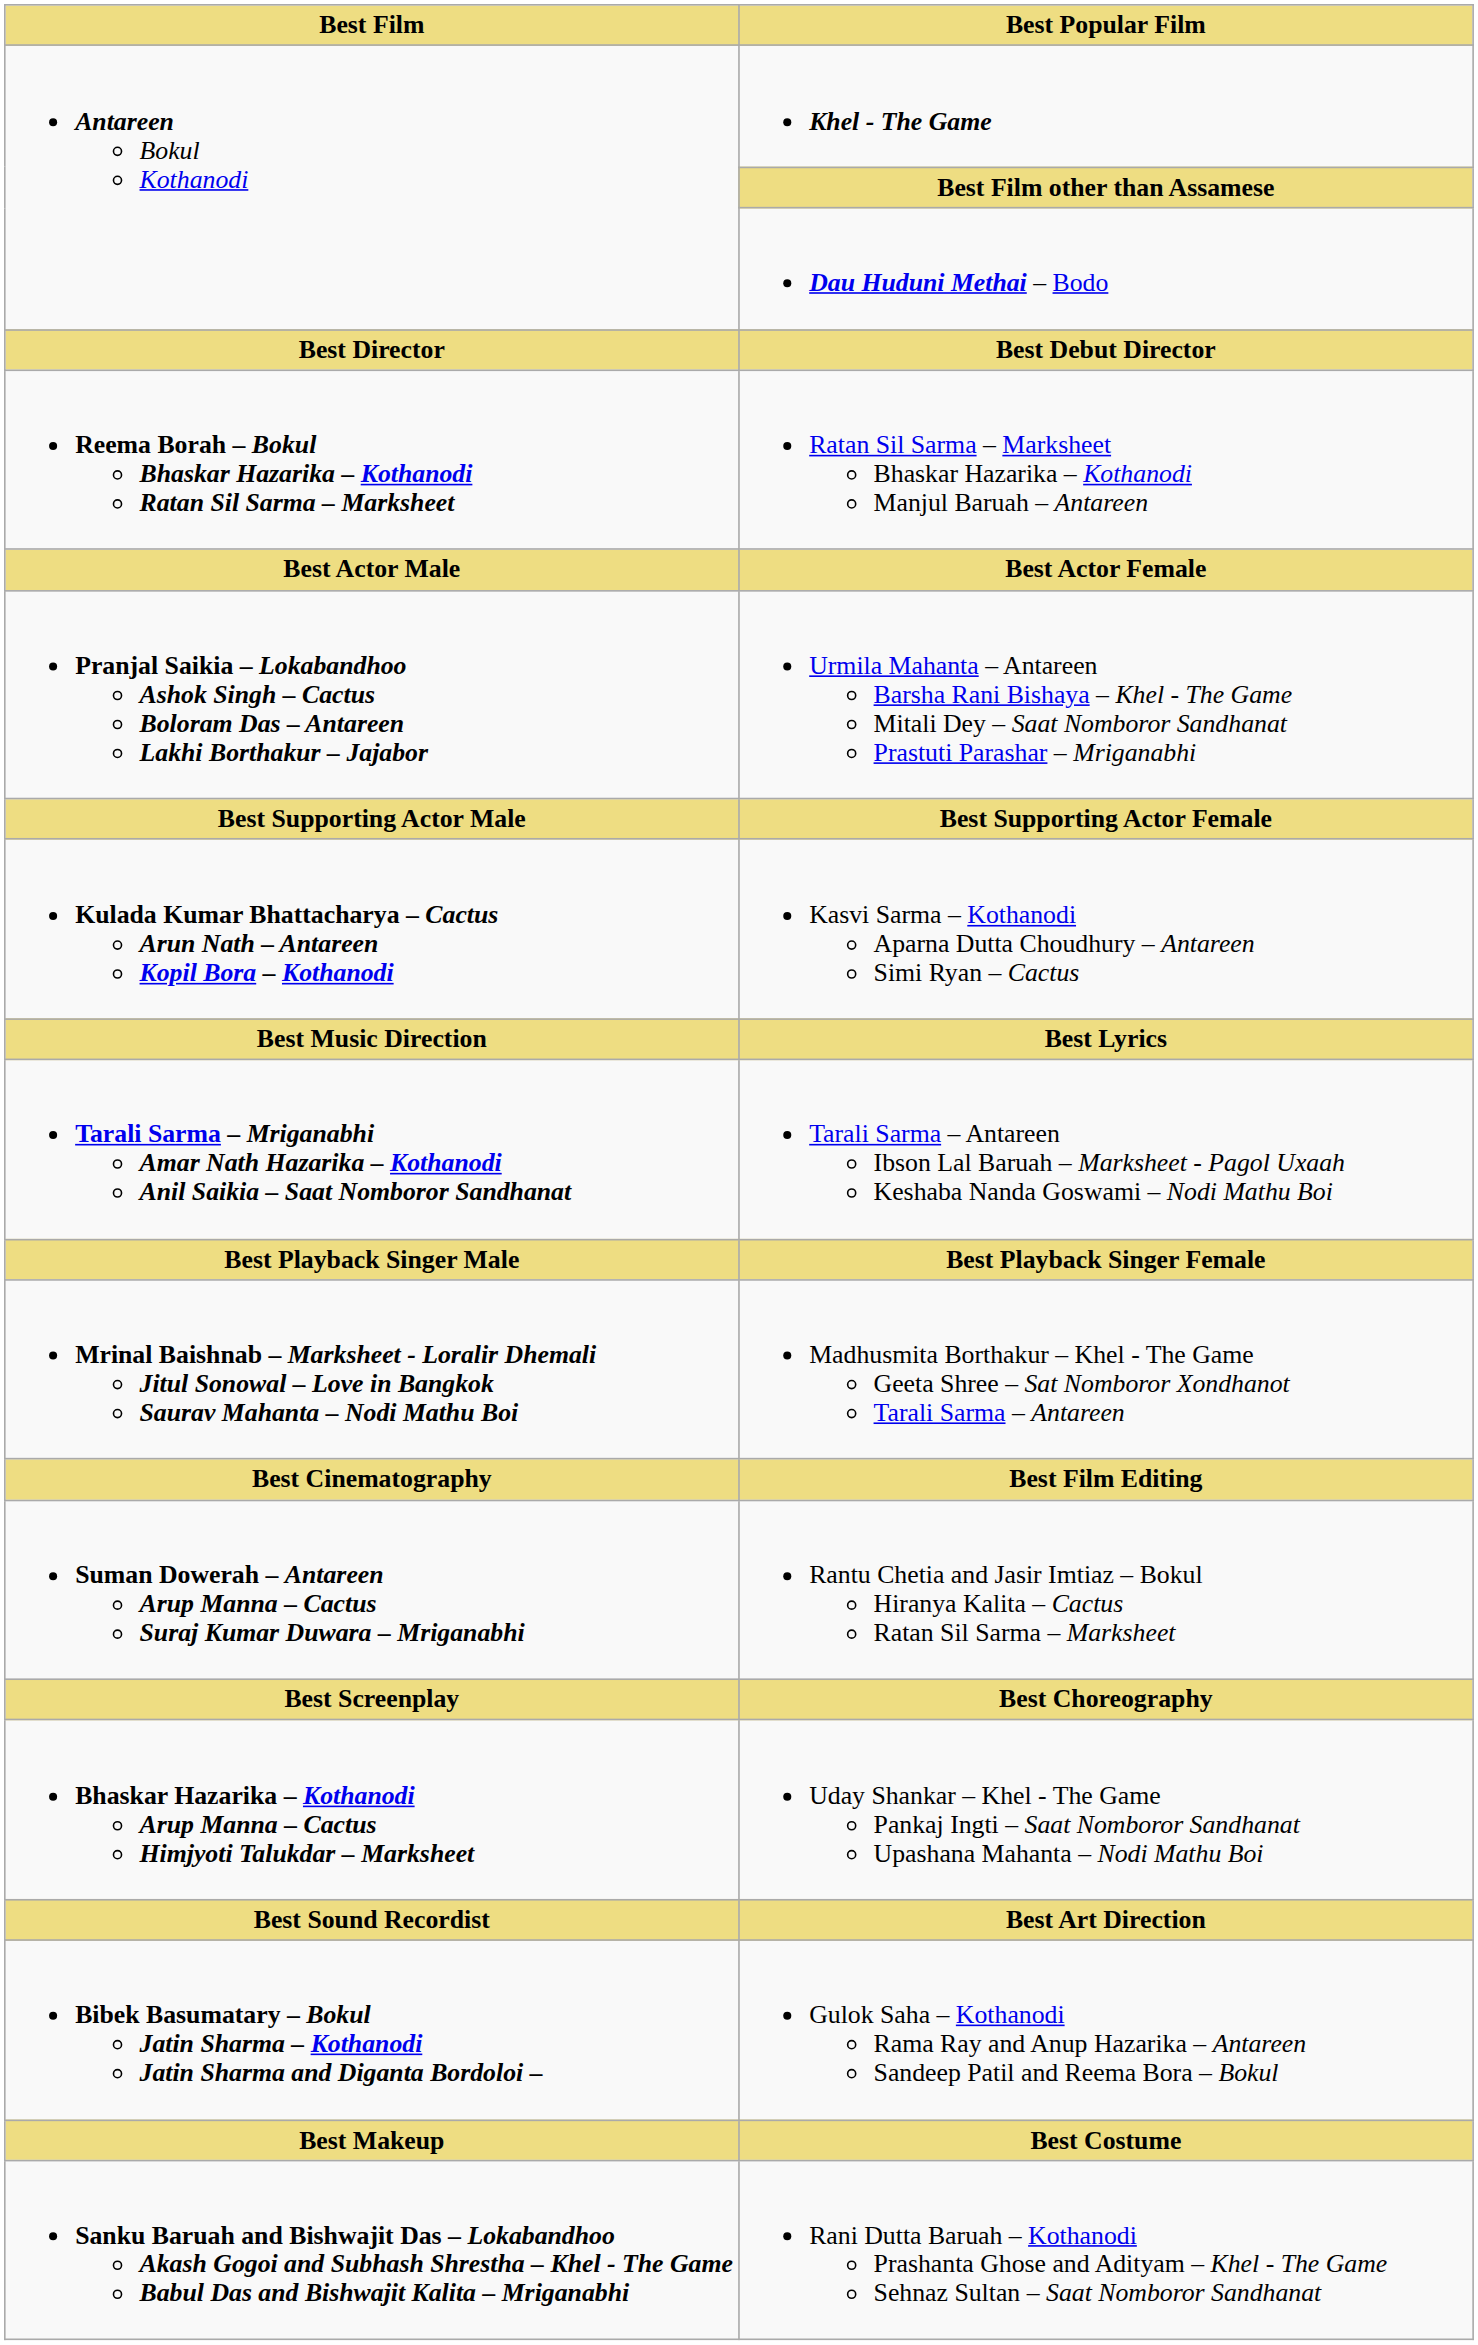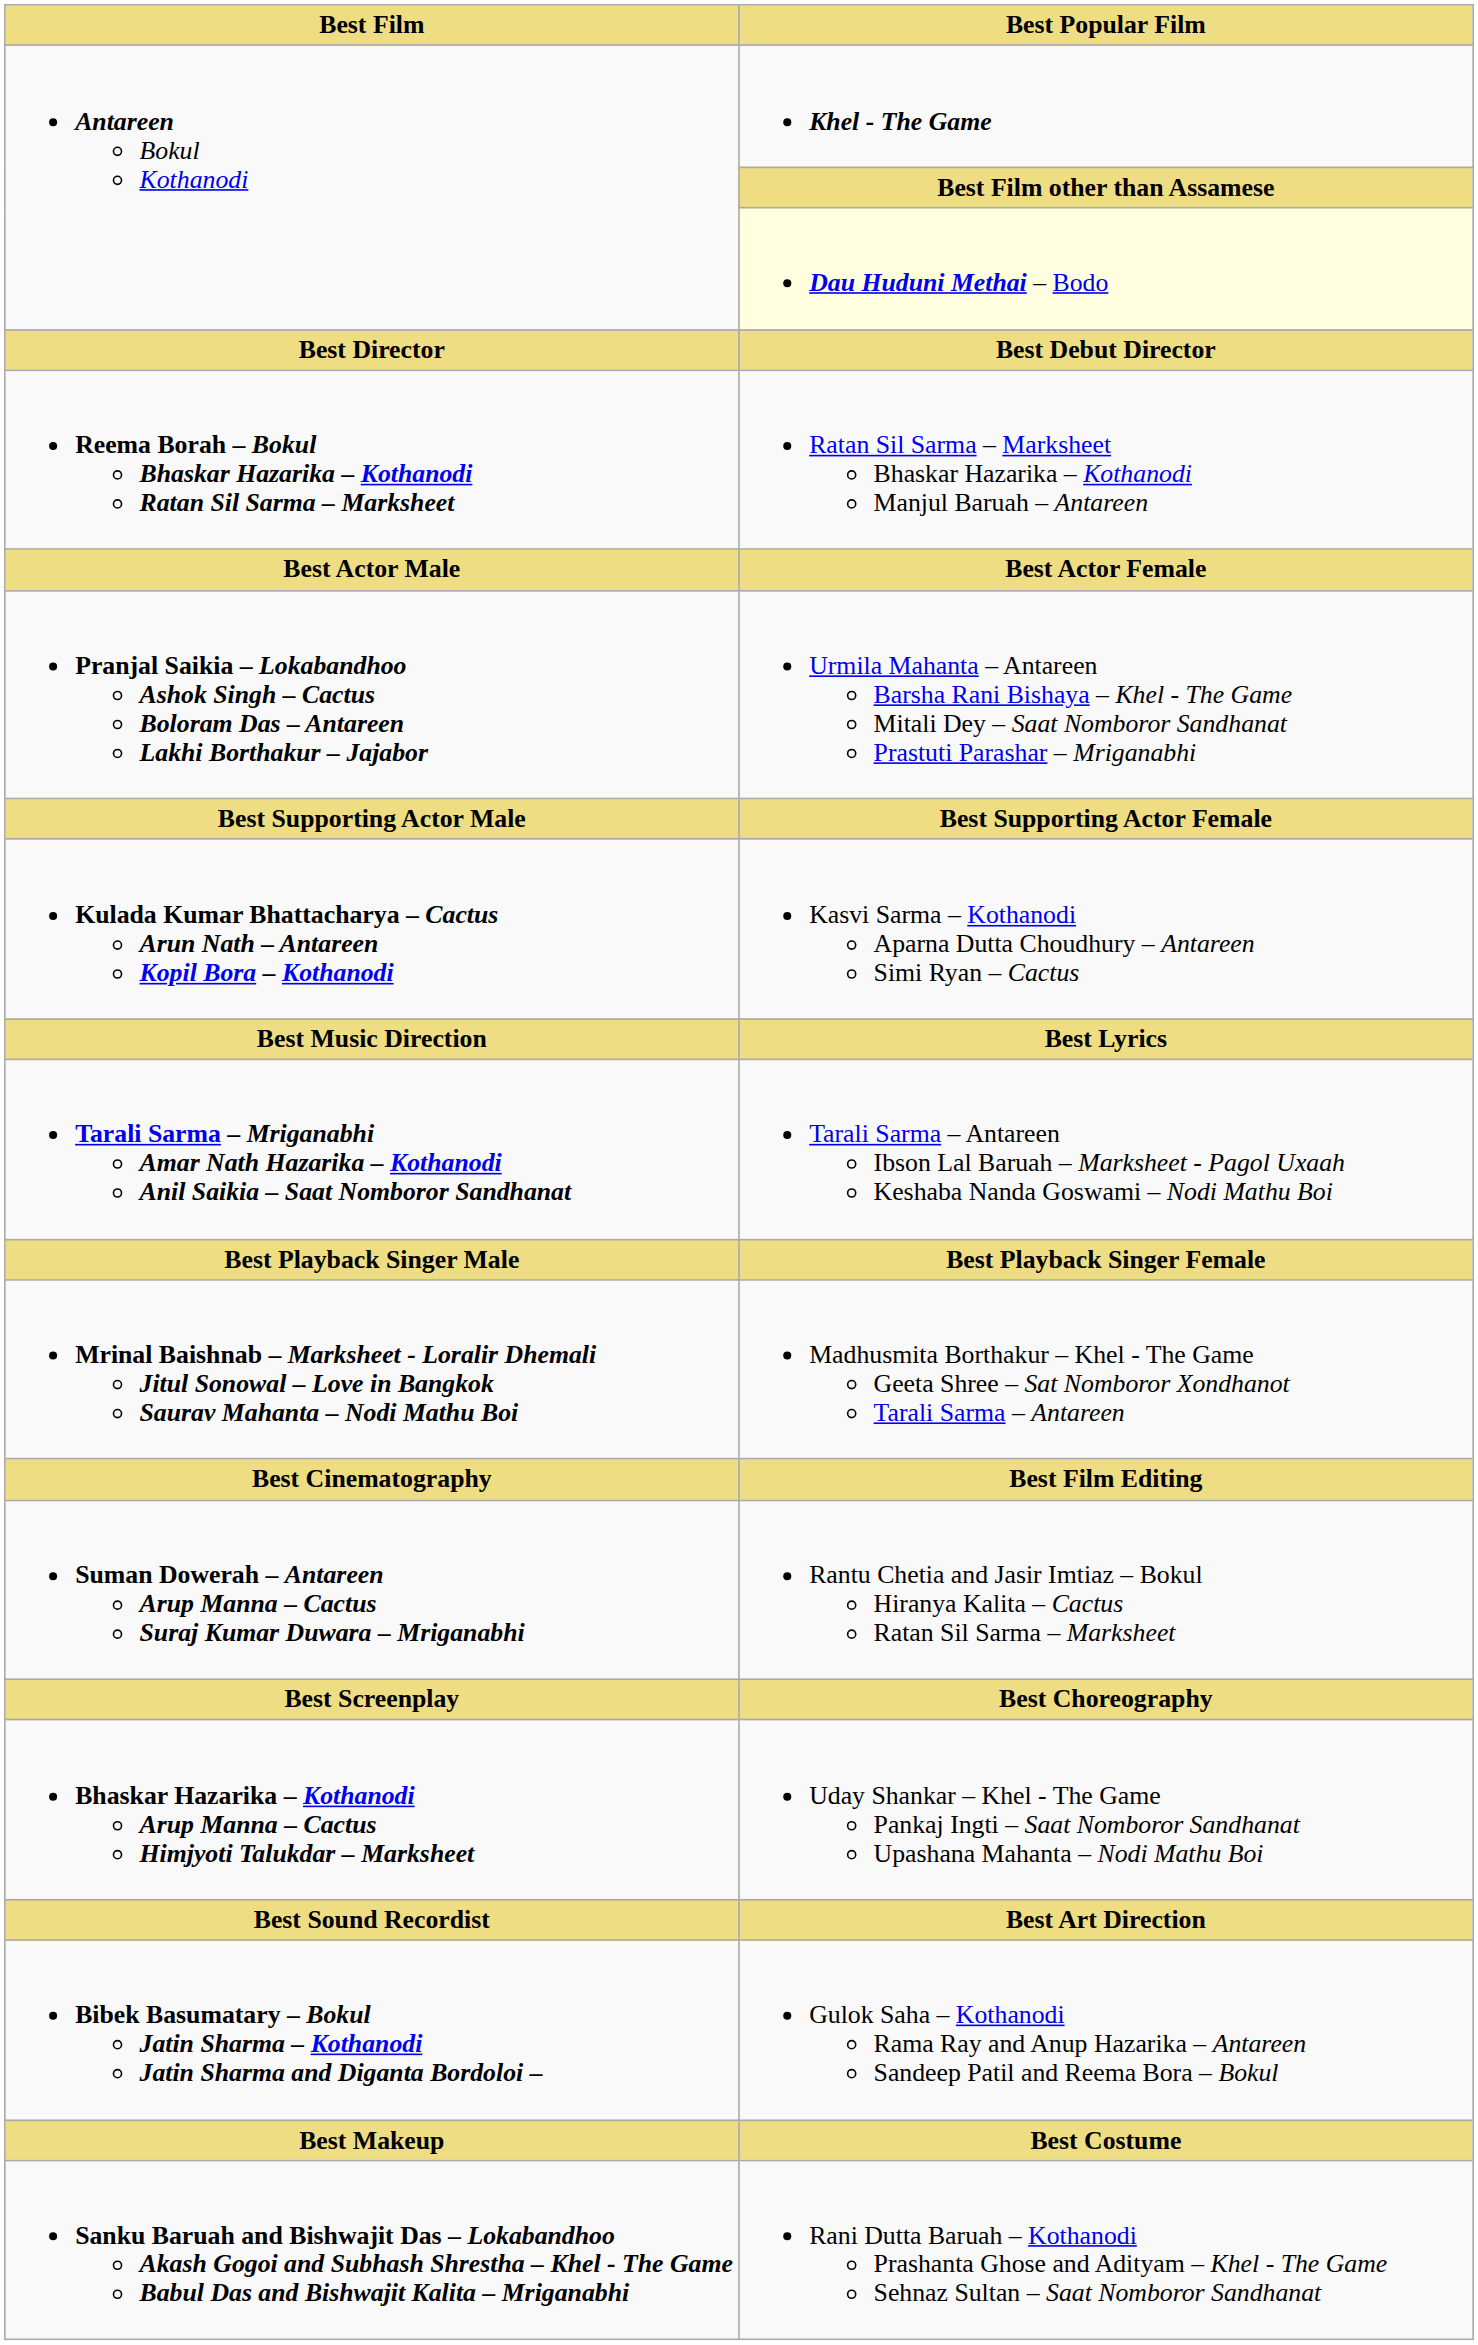 <table class=wikitable>
 <tr>
 <th style="background:#EEDD82; width:50%">Best Film</th>
 <th style="background:#EEDD82; width:50%">Best Popular Film</th>
 </tr>
 <tr>
 <td rowspan=3 valign="top"><br><ul><li><strong><em>Antareen</em></strong><ul><li><em>Bokul</em></li><li><em><a href='#'>Kothanodi</a></em></li></ul></li></ul></td>
 <td valign="top"><br><ul><li><strong><em>Khel - The Game</em></strong></li></ul></td>
 </tr>
 <tr>
 <th style="background:#EEDD82; width:50%">Best Film other than Assamese</th>
 </tr>
 <tr>
-<td valign="top"><br><ul><li><strong><em><a href='#'>Dau Huduni Methai</a></em></strong> – <a href='#'>Bodo</a></li></ul></td>
+<td valign="top" style="background: lightyellow;"><br><ul><li><strong><em><a href='#'>Dau Huduni Methai</a></em></strong> – <a href='#'>Bodo</a></li></ul></td>
 </tr>
 <tr>
 <th style="background:#EEDD82">Best Director</th>
 <th style="background:#EEDD82">Best Debut Director</th>
 </tr>
 <tr>
 <td valign="top"><br><ul><li><strong>Reema Borah – <em>Bokul<strong><em><ul><li>Bhaskar Hazarika – </em><a href='#'>Kothanodi</a><em></li><li>Ratan Sil Sarma – </em>Marksheet<em></li></ul></li></ul></td>
 <td valign="top"><br><ul><li></strong><a href='#'>Ratan Sil Sarma</a> – </em><a href='#'>Marksheet</a></em></strong><ul><li>Bhaskar Hazarika – <em><a href='#'>Kothanodi</a></em></li><li>Manjul Baruah – <em>Antareen</em></li></ul></li></ul></td>
 </tr>
 <tr>
 <th style="background:#EEDD82">Best Actor Male</th>
 <th style="background:#EEDD82">Best Actor Female</th>
 </tr>
 <tr>
 <td valign="top"><br><ul><li><strong>Pranjal Saikia – <em>Lokabandhoo<strong><em><ul><li>Ashok Singh – </em>Cactus<em></li><li>Boloram Das – </em>Antareen<em></li><li>Lakhi Borthakur – </em>Jajabor<em></li></ul></li></ul></td>
 <td valign="top"><br><ul><li></strong><a href='#'>Urmila Mahanta</a> – </em>Antareen</em></strong><ul><li><a href='#'>Barsha Rani Bishaya</a> – <em>Khel - The Game</em></li><li>Mitali Dey – <em>Saat Nomboror Sandhanat</em></li><li><a href='#'>Prastuti Parashar</a> – <em>Mriganabhi</em></li></ul></li></ul></td>
 </tr>
 <tr>
 <th style="background:#EEDD82">Best Supporting Actor Male</th>
 <th style="background:#EEDD82">Best Supporting Actor Female</th>
 </tr>
 <tr>
 <td valign="top"><br><ul><li><strong>Kulada Kumar Bhattacharya – <em>Cactus<strong><em><ul><li>Arun Nath – </em>Antareen<em></li><li><a href='#'>Kopil Bora</a> – </em><a href='#'>Kothanodi</a><em></li></ul></li></ul></td>
 <td valign="top"><br><ul><li></strong>Kasvi Sarma – </em><a href='#'>Kothanodi</a></em></strong><ul><li>Aparna Dutta Choudhury – <em>Antareen</em></li><li>Simi Ryan – <em>Cactus</em></li></ul></li></ul></td>
 </tr>
 <tr>
 <th style="background:#EEDD82">Best Music Direction</th>
 <th style="background:#EEDD82">Best Lyrics</th>
 </tr>
 <tr>
 <td valign="top"><br><ul><li><strong><a href='#'>Tarali Sarma</a> – <em>Mriganabhi<strong><em><ul><li>Amar Nath Hazarika – </em><a href='#'>Kothanodi</a><em></li><li>Anil Saikia – </em>Saat Nomboror Sandhanat<em></li></ul></li></ul></td>
 <td valign="top"><br><ul><li></strong><a href='#'>Tarali Sarma</a> – </em>Antareen</em></strong><ul><li>Ibson Lal Baruah – <em>Marksheet - Pagol Uxaah</em></li><li>Keshaba Nanda Goswami – <em>Nodi Mathu Boi</em></li></ul></li></ul></td>
 </tr>
 <tr>
 <th style="background:#EEDD82">Best Playback Singer Male</th>
 <th style="background:#EEDD82">Best Playback Singer Female</th>
 </tr>
 <tr>
 <td valign="top"><br><ul><li><strong>Mrinal Baishnab – <em>Marksheet - Loralir Dhemali<strong><em><ul><li>Jitul Sonowal – </em>Love in Bangkok<em></li><li>Saurav Mahanta – </em>Nodi Mathu Boi<em></li></ul></li></ul></td>
 <td valign="top"><br><ul><li></strong>Madhusmita Borthakur – </em>Khel - The Game</em></strong><ul><li>Geeta Shree – <em>Sat Nomboror Xondhanot</em></li><li><a href='#'>Tarali Sarma</a> – <em>Antareen</em></li></ul></li></ul></td>
 </tr>
 <tr>
 <th style="background:#EEDD82">Best Cinematography</th>
 <th style="background:#EEDD82">Best Film Editing</th>
 </tr>
 <tr>
 <td valign="top"><br><ul><li><strong>Suman Dowerah – <em>Antareen<strong><em><ul><li>Arup Manna – </em>Cactus<em></li><li>Suraj Kumar Duwara – </em>Mriganabhi<em></li></ul></li></ul></td>
 <td valign="top"><br><ul><li></strong>Rantu Chetia and Jasir Imtiaz – </em>Bokul</em></strong><ul><li>Hiranya Kalita – <em>Cactus</em></li><li>Ratan Sil Sarma – <em>Marksheet</em></li></ul></li></ul></td>
 </tr>
 <tr>
 <th style="background:#EEDD82">Best Screenplay</th>
 <th style="background:#EEDD82">Best Choreography</th>
 </tr>
 <tr>
 <td valign="top"><br><ul><li><strong>Bhaskar Hazarika – <em><a href='#'>Kothanodi</a><strong><em><ul><li>Arup Manna – </em>Cactus<em></li><li>Himjyoti Talukdar – </em>Marksheet<em></li></ul></li></ul></td>
 <td valign="top"><br><ul><li></strong>Uday Shankar – </em>Khel - The Game</em></strong><ul><li>Pankaj Ingti – <em>Saat Nomboror Sandhanat</em></li><li>Upashana Mahanta – <em>Nodi Mathu Boi</em></li></ul></li></ul></td>
 </tr>
 <tr>
 <th style="background:#EEDD82">Best Sound Recordist</th>
 <th style="background:#EEDD82">Best Art Direction</th>
 </tr>
 <tr>
 <td valign="top"><br><ul><li><strong>Bibek Basumatary – <em>Bokul<strong><em><ul><li>Jatin Sharma – </em><a href='#'>Kothanodi</a><em></li><li>Jatin Sharma and Diganta Bordoloi –</li></ul></li></ul></td>
 <td valign="top"><br><ul><li></strong>Gulok Saha – </em><a href='#'>Kothanodi</a></em></strong><ul><li>Rama Ray and Anup Hazarika – <em>Antareen</em></li><li>Sandeep Patil and Reema Bora – <em>Bokul</em></li></ul></li></ul></td>
 </tr>
 <tr>
 <th style="background:#EEDD82">Best Makeup</th>
 <th style="background:#EEDD82">Best Costume</th>
 </tr>
 <tr>
 <td valign="top"><br><ul><li><strong>Sanku Baruah and Bishwajit Das – <em>Lokabandhoo<strong><em><ul><li>Akash Gogoi and Subhash Shrestha – </em>Khel - The Game<em></li><li>Babul Das and Bishwajit Kalita – </em>Mriganabhi<em></li></ul></li></ul></td>
 <td valign="top"><br><ul><li></strong>Rani Dutta Baruah – </em><a href='#'>Kothanodi</a></em></strong><ul><li>Prashanta Ghose and Adityam – <em>Khel - The Game</em></li><li>Sehnaz Sultan – <em>Saat Nomboror Sandhanat</em></li></ul></li></ul></td>
 </tr>
 </table>
